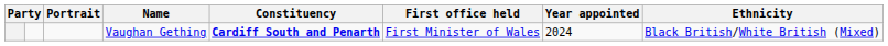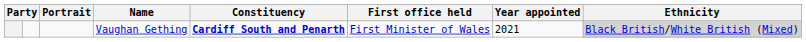 <table class="wikitable sortable">
 <tr>
 <th colspan=2>Party</th>
 <th>Portrait</th>
 <th>Name</th>
 <th>Constituency</th>
 <th>First office held</th>
 <th>Year appointed</th>
 <th>Ethnicity</th>
 </tr>
 <tr>
 <th style="background-color: "></th>
 <td></td>
 <td></td>
 <td><a href='#'>Vaughan Gething</a></td>
 <td><strong><a href='#'>Cardiff South and Penarth</a></strong></td>
 <td><a href='#'>First Minister of Wales</a></td>
-<td>2024</td>
-<td><a href='#'>Black British</a>/<a href='#'>White British</a> (<a href='#'>Mixed</a>)</td>
+<td>2021</td>
+<td style="background: lightgrey;"><a href='#'>Black British</a>/<a href='#'>White British</a> (<a href='#'>Mixed</a>)</td>
 </tr>
 </table>
